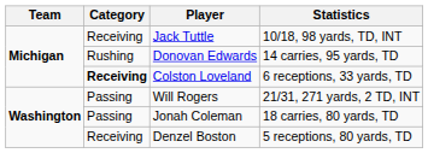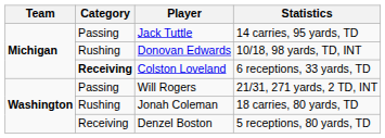 <table class="wikitable" style="float: right;">
 <tr>
 <th>Team</th>
 <th>Category</th>
 <th>Player</th>
 <th>Statistics</th>
 </tr>
 <tr>
 <td rowspan=3><strong>Michigan</strong></td>
-<td>Receiving</td>
+<td>Passing</td>
 <td><a href='#'>Jack Tuttle</a></td>
-<td>10/18, 98 yards, TD, INT</td>
+<td>14 carries, 95 yards, TD</td>
 </tr>
 <tr>
 <td>Rushing</td>
 <td><a href='#'>Donovan Edwards</a></td>
-<td>14 carries, 95 yards, TD</td>
+<td>10/18, 98 yards, TD, INT</td>
 </tr>
 <tr>
 <td><strong>Receiving</strong></td>
 <td><a href='#'>Colston Loveland</a></td>
 <td>6 receptions, 33 yards, TD</td>
 </tr>
 <tr>
 <td rowspan=3><strong>Washington</strong></td>
 <td>Passing</td>
 <td>Will Rogers</td>
 <td>21/31, 271 yards, 2 TD, INT</td>
 </tr>
 <tr>
-<td>Passing</td>
+<td>Rushing</td>
 <td>Jonah Coleman</td>
 <td>18 carries, 80 yards, TD</td>
 </tr>
 <tr>
 <td>Receiving</td>
 <td>Denzel Boston</td>
 <td>5 receptions, 80 yards, TD</td>
 </tr>
 </table>
